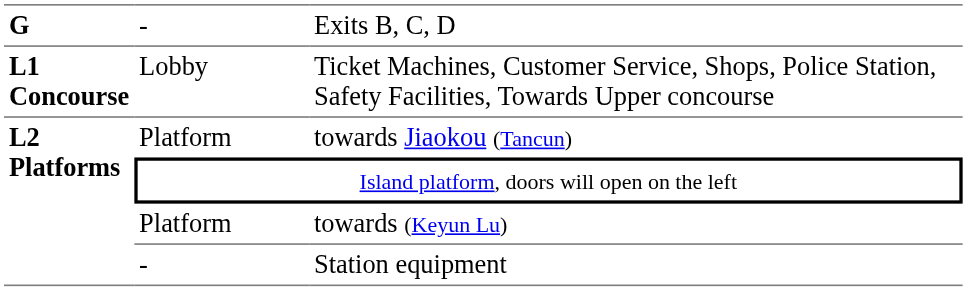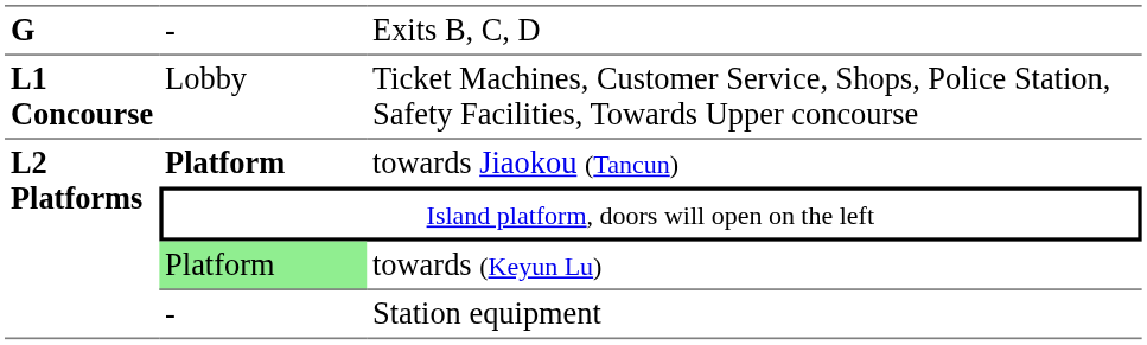 <table table border=0 cellspacing=0 cellpadding=3>
 <tr>
 <td style="border-top:solid 1px gray;" width=50 valign=top><strong>G</strong></td>
 <td style="border-top:solid 1px gray;" width=100 valign=top>-</td>
 <td style="border-top:solid 1px gray;" width=390 valign=top>Exits B, C, D</td>
 </tr>
 <tr>
 <td style="border-bottom:solid 1px gray; border-top:solid 1px gray;" valign=top width=50><strong>L1<br>Concourse</strong></td>
 <td style="border-bottom:solid 1px gray; border-top:solid 1px gray;" valign=top width=100> Lobby</td>
 <td style="border-bottom:solid 1px gray; border-top:solid 1px gray;" valign=top width=390>Ticket Machines, Customer Service, Shops, Police Station, Safety Facilities, Towards  Upper concourse</td>
 </tr>
 <tr>
 <td style="border-bottom:solid 1px gray;" rowspan=4 valign=top><strong>L2<br>Platforms</strong></td>
-<td>Platform </td>
+<td><strong>Platform </strong></td>
 <td>  towards <a href='#'>Jiaokou</a> <small>(<a href='#'>Tancun</a>)</small></td>
 </tr>
 <tr>
 <td style="border-right:solid 2px black;border-left:solid 2px black;border-top:solid 2px black;border-bottom:solid 2px black;text-align:center;" colspan=2><small><a href='#'>Island platform</a>, doors will open on the left</small></td>
 </tr>
 <tr>
-<td style="border-bottom:solid 1px gray;">Platform </td>
+<td style="background: lightgreen; border-bottom:solid 1px gray;">Platform </td>
 <td style="border-bottom:solid 1px gray;"> towards  <small>(<a href='#'>Keyun Lu</a>)</small> </td>
 </tr>
 <tr>
 <td style="border-bottom:solid 1px gray;" valign=top>-</td>
 <td style="border-bottom:solid 1px gray;" valign=top>Station equipment</td>
 </tr>
 </table>
